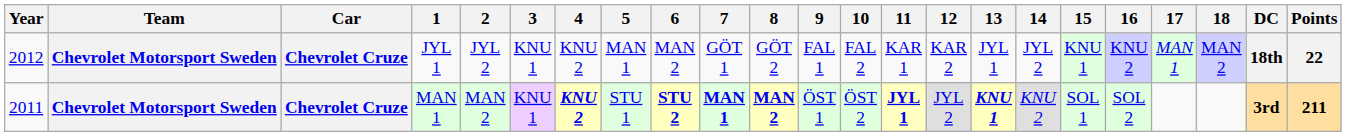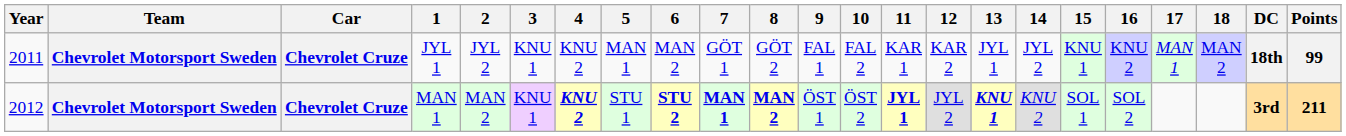 <table class="wikitable" style="text-align:center; font-size:85%">
 <tr>
 <th>Year</th>
 <th>Team</th>
 <th>Car</th>
 <th>1</th>
 <th>2</th>
 <th>3</th>
 <th>4</th>
 <th>5</th>
 <th>6</th>
 <th>7</th>
 <th>8</th>
 <th>9</th>
 <th>10</th>
 <th>11</th>
 <th>12</th>
 <th>13</th>
 <th>14</th>
 <th>15</th>
 <th>16</th>
 <th>17</th>
 <th>18</th>
 <th>DC</th>
 <th>Points</th>
 </tr>
 <tr>
-<td><a href='#'>2012</a></td>
+<td><a href='#'>2011</a></td>
 <th nowrap><a href='#'>Chevrolet Motorsport Sweden</a></th>
 <th nowrap><a href='#'>Chevrolet Cruze</a></th>
 <td><a href='#'>JYL<br>1</a></td>
 <td><a href='#'>JYL<br>2</a></td>
 <td><a href='#'>KNU<br>1</a></td>
 <td><a href='#'>KNU<br>2</a></td>
 <td><a href='#'>MAN<br>1</a></td>
 <td><a href='#'>MAN<br>2</a></td>
 <td><a href='#'>GÖT<br>1</a></td>
 <td><a href='#'>GÖT<br>2</a></td>
 <td><a href='#'>FAL<br>1</a></td>
 <td><a href='#'>FAL<br>2</a></td>
 <td><a href='#'>KAR<br>1</a></td>
 <td><a href='#'>KAR<br>2</a></td>
 <td><a href='#'>JYL<br>1</a></td>
 <td><a href='#'>JYL<br>2</a></td>
 <td style="background:#DFFFDF;"><a href='#'>KNU<br>1</a><br></td>
 <td style="background:#cfcfff;"><a href='#'>KNU<br>2</a><br></td>
 <td style="background:#DFFFDF;"><em><a href='#'>MAN<br>1</a></em><br></td>
 <td style="background:#cfcfff;"><a href='#'>MAN<br>2</a><br></td>
 <th>18th</th>
-<th>22</th>
+<th>99</th>
 </tr>
 <tr>
-<td><a href='#'>2011</a></td>
+<td><a href='#'>2012</a></td>
 <th nowrap><a href='#'>Chevrolet Motorsport Sweden</a></th>
 <th nowrap><a href='#'>Chevrolet Cruze</a></th>
 <td style="background:#dfffdf;"><a href='#'>MAN<br>1</a><br></td>
 <td style="background:#dfffdf;"><a href='#'>MAN<br>2</a><br></td>
 <td style="background:#efcfff;"><a href='#'>KNU<br>1</a><br></td>
 <td style="background:#ffffbf;"><strong><em><a href='#'>KNU<br>2</a></em></strong><br></td>
 <td style="background:#dfffdf;"><a href='#'>STU<br>1</a><br></td>
 <td style="background:#ffffbf;"><strong><a href='#'>STU<br>2</a></strong><br></td>
 <td style="background:#dfffdf;"><strong><a href='#'>MAN<br>1</a><br></strong></td>
 <td style="background:#ffffbf;"><strong><a href='#'>MAN<br>2</a></strong><br></td>
 <td style="background:#dfffdf;"><a href='#'>ÖST<br>1</a><br></td>
 <td style="background:#dfffdf;"><a href='#'>ÖST<br>2</a><br></td>
 <td style="background:#ffffbf;"><strong><a href='#'>JYL<br>1</a></strong><br></td>
 <td style="background:#dfdfdf;"><a href='#'>JYL<br>2</a><br></td>
 <td style="background:#ffffbf;"><strong><em><a href='#'>KNU<br>1</a></em></strong><br></td>
 <td style="background:#dfdfdf;"><em><a href='#'>KNU<br>2</a></em><br></td>
 <td style="background:#dfffdf;"><a href='#'>SOL<br>1</a><br></td>
 <td style="background:#dfffdf;"><a href='#'>SOL<br>2</a><br></td>
 <td></td>
 <td></td>
 <td style="background:#ffdf9f;"><strong>3rd</strong></td>
 <td style="background:#ffdf9f;"><strong>211</strong></td>
 </tr>
 </table>
